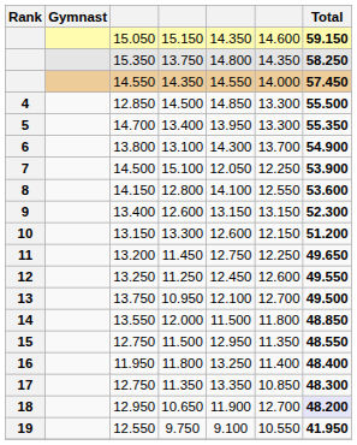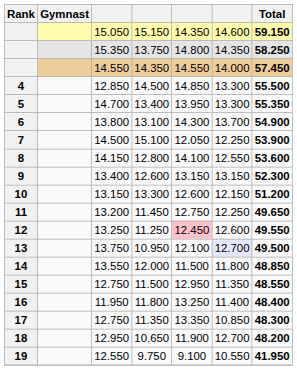 <table class="wikitable sortable" style="text-align:center; font-size:95%">
 <tr>
 <th>Rank</th>
 <th>Gymnast</th>
 <th></th>
 <th></th>
 <th></th>
 <th></th>
 <th>Total</th>
 </tr>
 <tr bgcolor=fffcaf>
 <th scope=row style="text-align:center"></th>
 <td align=left></td>
 <td>15.050</td>
 <td>15.150</td>
 <td>14.350</td>
 <td>14.600</td>
 <td><strong>59.150</strong></td>
 </tr>
 <tr bgcolor=e5e5e5>
 <th scope=row style="text-align:center"></th>
 <td align=left></td>
 <td>15.350</td>
 <td>13.750</td>
 <td>14.800</td>
 <td>14.350</td>
 <td><strong>58.250</strong></td>
 </tr>
 <tr bgcolor=eecc99>
 <th scope=row style="text-align:center"></th>
 <td align=left></td>
 <td>14.550</td>
 <td>14.350</td>
 <td>14.550</td>
 <td>14.000</td>
 <td><strong>57.450</strong></td>
 </tr>
 <tr>
 <th scope=row style="text-align:center">4</th>
 <td align=left></td>
 <td>12.850</td>
 <td>14.500</td>
 <td>14.850</td>
 <td>13.300</td>
 <td><strong>55.500</strong></td>
 </tr>
 <tr>
 <th scope=row style="text-align:center">5</th>
 <td align=left></td>
 <td>14.700</td>
 <td>13.400</td>
 <td>13.950</td>
 <td>13.300</td>
 <td><strong>55.350</strong></td>
 </tr>
 <tr>
 <th scope=row style="text-align:center">6</th>
 <td align=left></td>
 <td>13.800</td>
 <td>13.100</td>
 <td>14.300</td>
 <td>13.700</td>
 <td><strong>54.900</strong></td>
 </tr>
 <tr>
 <th scope=row style="text-align:center">7</th>
 <td align=left></td>
 <td>14.500</td>
 <td>15.100</td>
 <td>12.050</td>
 <td>12.250</td>
 <td><strong>53.900</strong></td>
 </tr>
 <tr>
 <th scope=row style="text-align:center">8</th>
 <td align=left></td>
 <td>14.150</td>
 <td>12.800</td>
 <td>14.100</td>
 <td>12.550</td>
 <td><strong>53.600</strong></td>
 </tr>
 <tr>
 <th scope=row style="text-align:center">9</th>
 <td align=left></td>
 <td>13.400</td>
 <td>12.600</td>
 <td>13.150</td>
 <td>13.150</td>
 <td><strong>52.300</strong></td>
 </tr>
 <tr>
 <th scope=row style="text-align:center">10</th>
 <td align=left></td>
 <td>13.150</td>
 <td>13.300</td>
 <td>12.600</td>
 <td>12.150</td>
 <td><strong>51.200</strong></td>
 </tr>
 <tr>
 <th scope=row style="text-align:center">11</th>
 <td align=left></td>
 <td>13.200</td>
 <td>11.450</td>
 <td>12.750</td>
 <td>12.250</td>
 <td><strong>49.650</strong></td>
 </tr>
 <tr>
 <th scope=row style="text-align:center">12</th>
 <td align=left></td>
 <td>13.250</td>
 <td>11.250</td>
-<td>12.450</td>
+<td style="background: pink;">12.450</td>
 <td>12.600</td>
 <td><strong>49.550</strong></td>
 </tr>
 <tr>
 <th scope=row style="text-align:center">13</th>
 <td align=left></td>
 <td>13.750</td>
 <td>10.950</td>
 <td>12.100</td>
-<td>12.700</td>
+<td style="background: lavender;">12.700</td>
 <td><strong>49.500</strong></td>
 </tr>
 <tr>
 <th scope=row style="text-align:center">14</th>
 <td align=left></td>
 <td>13.550</td>
 <td>12.000</td>
 <td>11.500</td>
 <td>11.800</td>
 <td><strong>48.850</strong></td>
 </tr>
 <tr>
 <th scope=row style="text-align:center">15</th>
 <td align=left></td>
 <td>12.750</td>
 <td>11.500</td>
 <td>12.950</td>
 <td>11.350</td>
 <td><strong>48.550</strong></td>
 </tr>
 <tr>
 <th scope=row style="text-align:center">16</th>
 <td align=left></td>
 <td>11.950</td>
 <td>11.800</td>
 <td>13.250</td>
 <td>11.400</td>
 <td><strong>48.400</strong></td>
 </tr>
 <tr>
 <th scope=row style="text-align:center">17</th>
 <td align=left></td>
 <td>12.750</td>
 <td>11.350</td>
 <td>13.350</td>
 <td>10.850</td>
 <td><strong>48.300</strong></td>
 </tr>
 <tr>
 <th scope=row style="text-align:center">18</th>
 <td align=left></td>
 <td>12.950</td>
 <td>10.650</td>
 <td>11.900</td>
 <td>12.700</td>
-<td style="background: lavender;"><strong>48.200</strong></td>
+<td><strong>48.200</strong></td>
 </tr>
 <tr>
 <th scope=row style="text-align:center">19</th>
 <td align=left></td>
 <td>12.550</td>
 <td>9.750</td>
 <td>9.100</td>
 <td>10.550</td>
 <td><strong>41.950</strong></td>
 </tr>
 <tr>
 </tr>
 </table>
